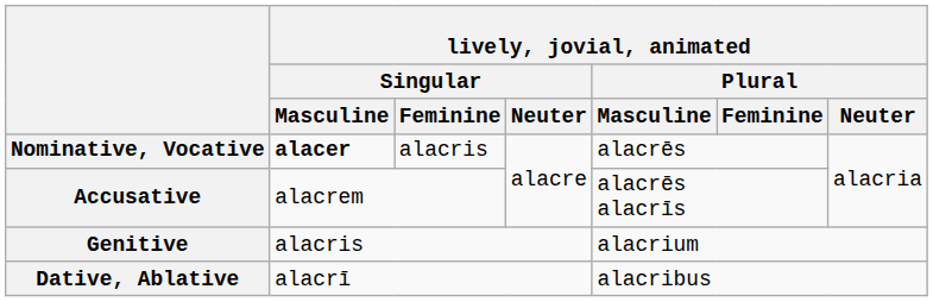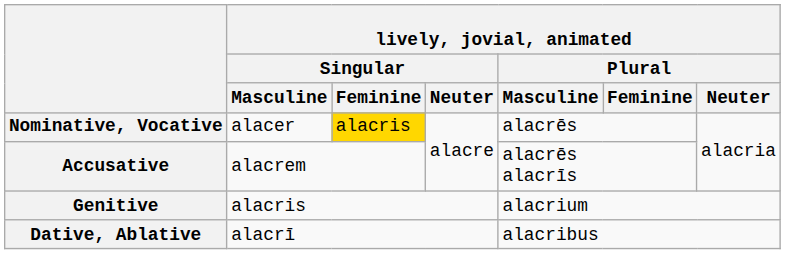 <table class="wikitable">
 <tr>
 <th rowspan="3"></th>
 <th colspan="6"><br>lively, jovial, animated</th>
 </tr>
 <tr>
 <th colspan="3">Singular</th>
 <th colspan="3">Plural</th>
 </tr>
 <tr>
 <th>Masculine</th>
 <th>Feminine</th>
 <th>Neuter</th>
 <th>Masculine</th>
 <th>Feminine</th>
 <th>Neuter</th>
 </tr>
 <tr>
 <th>Nominative, Vocative</th>
-<td><strong>alacer</strong></td>
-<td>alacris</td>
+<td>alacer</td>
+<td style="background: gold;">alacris</td>
 <td rowspan="2">alacre</td>
 <td colspan="2">alacrēs</td>
 <td rowspan="2">alacria</td>
 </tr>
 <tr>
 <th>Accusative</th>
 <td colspan="2">alacrem</td>
 <td colspan="2">alacrēs<br>alacrīs</td>
 </tr>
 <tr>
 <th>Genitive</th>
 <td colspan="3">alacris</td>
 <td colspan="3">alacrium</td>
 </tr>
 <tr>
 <th>Dative, Ablative</th>
 <td colspan="3">alacrī</td>
 <td colspan="3">alacribus</td>
 </tr>
 </table>
